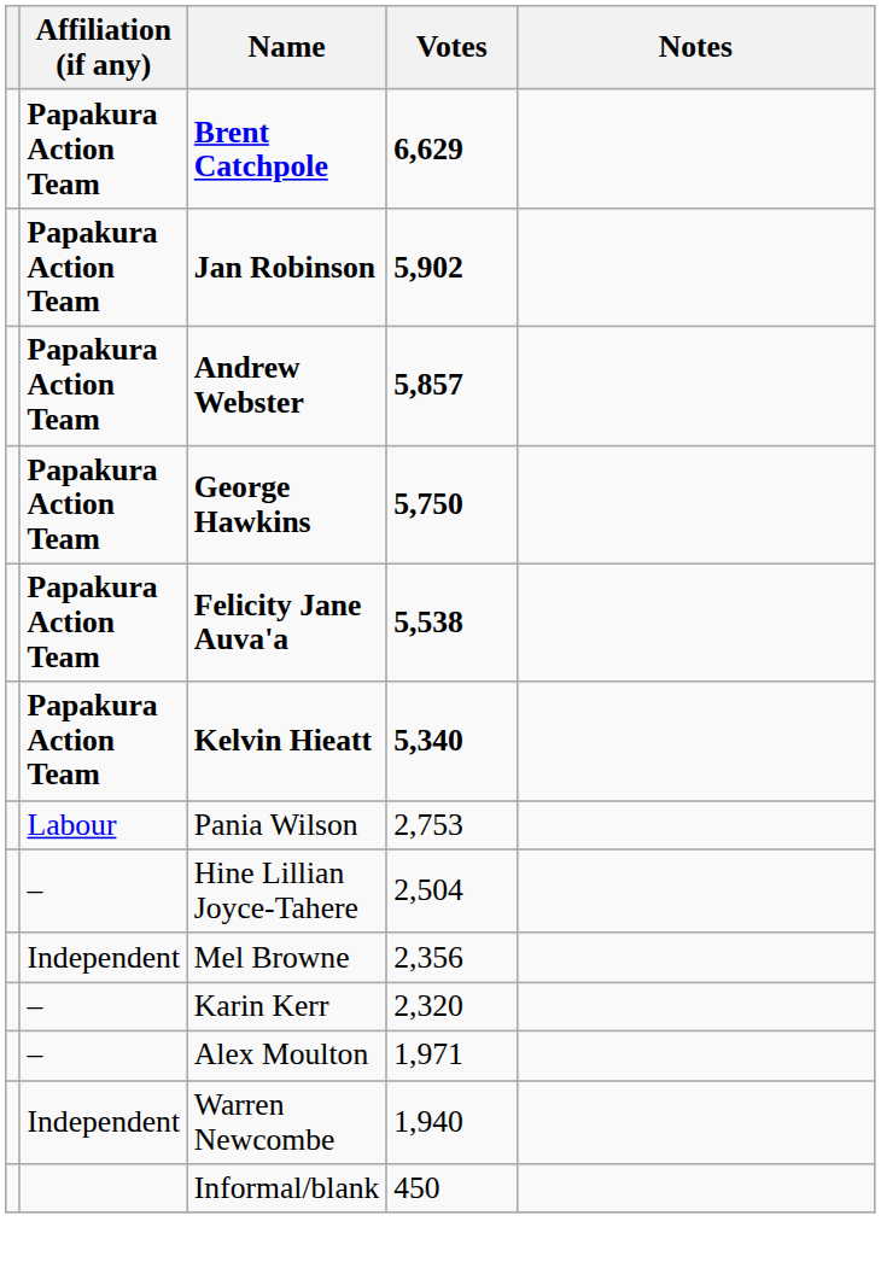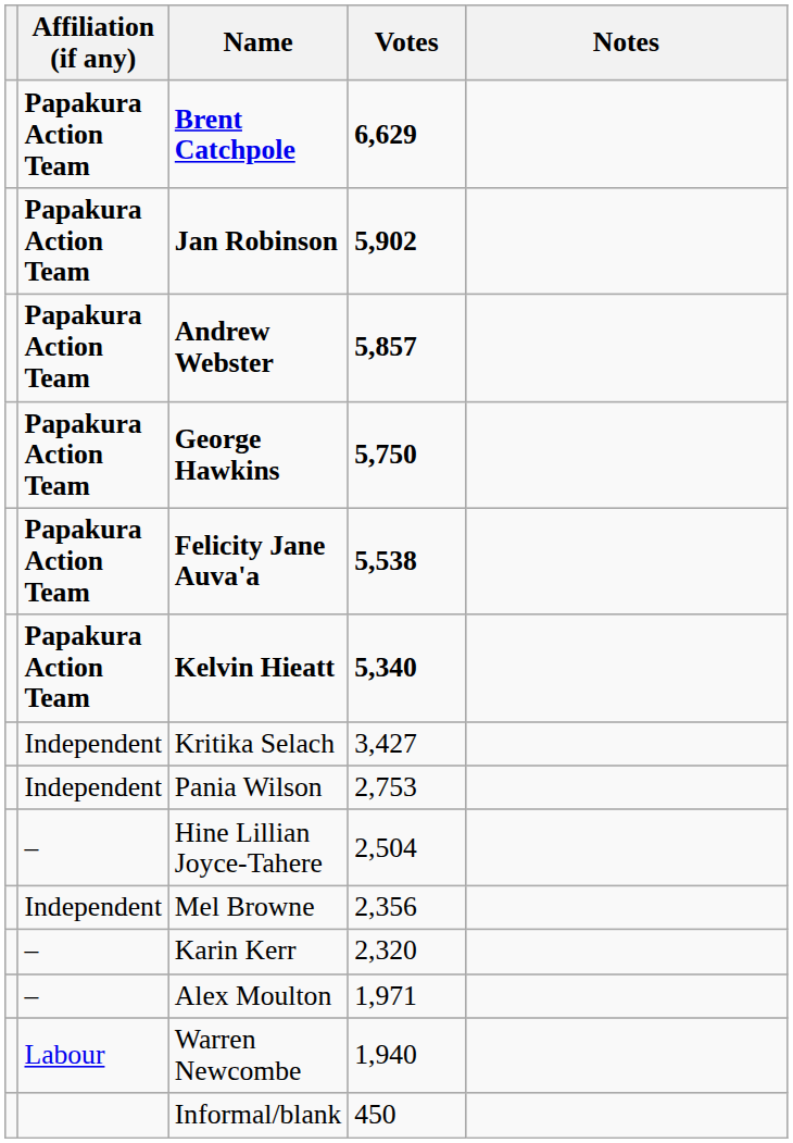 <table class="wikitable" style="width:51%;">
 <tr>
 <th style="width:1%;"></th>
 <th style="width:15%;">Affiliation (if any)</th>
 <th style="width:20%;">Name</th>
 <th style="width:15%;">Votes</th>
 <th>Notes</th>
 </tr>
 <tr>
 <td bgcolor=></td>
 <td><strong>Papakura Action Team</strong></td>
 <td><strong><a href='#'>Brent Catchpole</a></strong></td>
 <td><strong>6,629</strong></td>
 <td></td>
 </tr>
 <tr>
 <td bgcolor=></td>
 <td><strong>Papakura Action Team</strong></td>
 <td><strong>Jan Robinson</strong></td>
 <td><strong>5,902</strong></td>
 <td></td>
 </tr>
 <tr>
 <td bgcolor=></td>
 <td><strong>Papakura Action Team</strong></td>
 <td><strong>Andrew Webster</strong></td>
 <td><strong>5,857</strong></td>
 <td></td>
 </tr>
 <tr>
 <td bgcolor=></td>
 <td><strong>Papakura Action Team</strong></td>
 <td><strong>George Hawkins</strong></td>
 <td><strong>5,750</strong></td>
 <td></td>
 </tr>
 <tr>
 <td bgcolor=></td>
 <td><strong>Papakura Action Team</strong></td>
 <td><strong>Felicity Jane Auva'a</strong></td>
 <td><strong>5,538</strong></td>
 <td></td>
 </tr>
 <tr>
 <td bgcolor=></td>
 <td><strong>Papakura Action Team</strong></td>
 <td><strong>Kelvin Hieatt</strong></td>
 <td><strong>5,340</strong></td>
 <td></td>
 </tr>
 <tr>
 <td bgcolor=></td>
-<td><a href='#'>Labour</a></td>
+<td>Independent</td>
+<td>Kritika Selach</td>
+<td>3,427</td>
+<td></td>
+</tr>
+<tr>
+<td bgcolor=></td>
+<td>Independent</td>
 <td>Pania Wilson</td>
 <td>2,753</td>
 <td></td>
 </tr>
 <tr>
 <td bgcolor=></td>
 <td>–</td>
 <td>Hine Lillian Joyce-Tahere</td>
 <td>2,504</td>
 <td></td>
 </tr>
 <tr>
 <td></td>
 <td>Independent</td>
 <td>Mel Browne</td>
 <td>2,356</td>
 <td></td>
 </tr>
 <tr>
 <td></td>
 <td>–</td>
 <td>Karin Kerr</td>
 <td>2,320</td>
 <td></td>
 </tr>
 <tr>
 <td></td>
 <td>–</td>
 <td>Alex Moulton</td>
 <td>1,971</td>
 <td></td>
 </tr>
 <tr>
 <td></td>
-<td>Independent</td>
+<td><a href='#'>Labour</a></td>
 <td>Warren Newcombe</td>
 <td>1,940</td>
 <td></td>
 </tr>
 <tr>
 <td></td>
 <td></td>
 <td>Informal/blank</td>
 <td>450</td>
 <td></td>
 </tr>
 </table>
